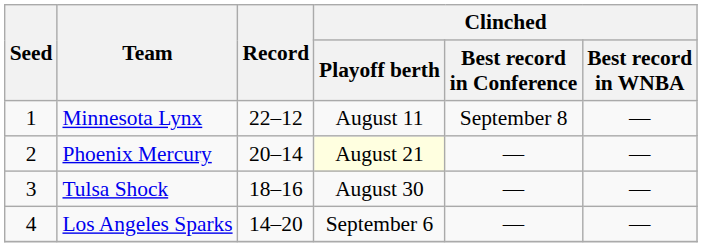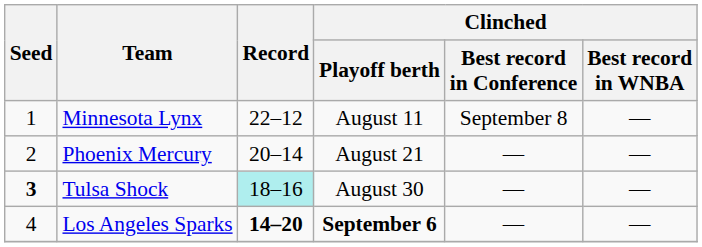 <table class="wikitable"  style="font-size:95%; text-align:center">
 <tr>
 <th rowspan=2>Seed</th>
 <th rowspan=2>Team</th>
 <th rowspan=2>Record</th>
 <th colspan=3>Clinched</th>
 </tr>
 <tr>
 <th>Playoff berth</th>
 <th>Best record<br> in Conference</th>
 <th>Best record<br> in WNBA</th>
 </tr>
 <tr>
 <td>1</td>
 <td align=left><a href='#'>Minnesota Lynx</a></td>
 <td>22–12</td>
 <td>August 11</td>
 <td>September 8</td>
 <td>—</td>
 </tr>
 <tr>
 <td>2</td>
 <td align=left><a href='#'>Phoenix Mercury</a></td>
 <td>20–14</td>
-<td style="background: lightyellow;">August 21</td>
+<td>August 21</td>
 <td>—</td>
 <td>—</td>
 </tr>
 <tr>
-<td>3</td>
+<td><strong>3</strong></td>
 <td align=left><a href='#'>Tulsa Shock</a></td>
-<td>18–16</td>
+<td style="background: paleturquoise;">18–16</td>
 <td>August 30</td>
 <td>—</td>
 <td>—</td>
 </tr>
 <tr>
 <td>4</td>
 <td align=left><a href='#'>Los Angeles Sparks</a></td>
-<td>14–20</td>
-<td>September 6</td>
+<td><strong>14–20</strong></td>
+<td><strong>September 6</strong></td>
 <td>—</td>
 <td>—</td>
 </tr>
 <tr>
 </tr>
 </table>
